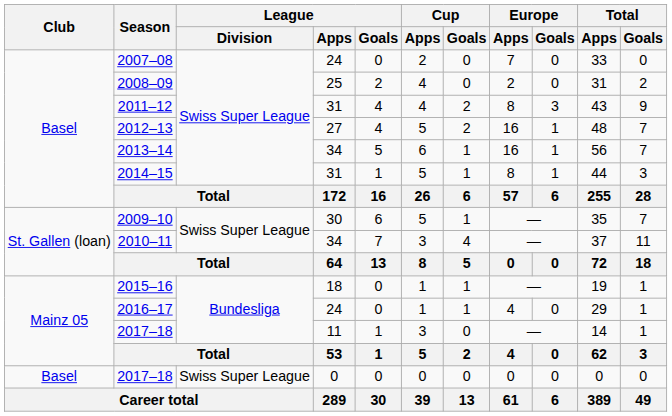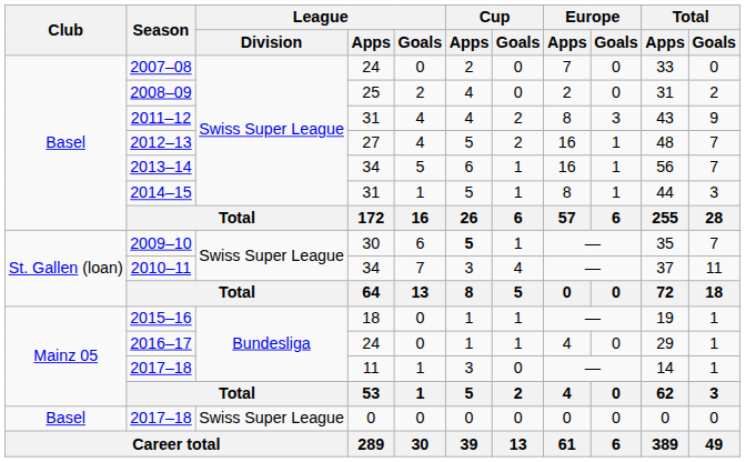 <table class="wikitable" style="text-align: center">
 <tr>
 <th rowspan="2">Club</th>
 <th rowspan="2">Season</th>
 <th colspan="3">League</th>
 <th colspan="2">Cup</th>
 <th colspan="2">Europe</th>
 <th colspan="2">Total</th>
 </tr>
 <tr>
 <th>Division</th>
 <th>Apps</th>
 <th>Goals</th>
 <th>Apps</th>
 <th>Goals</th>
 <th>Apps</th>
 <th>Goals</th>
 <th>Apps</th>
 <th>Goals</th>
 </tr>
 <tr>
 <td rowspan="7"><a href='#'>Basel</a></td>
 <td><a href='#'>2007–08</a></td>
 <td rowspan="6"><a href='#'>Swiss Super League</a></td>
 <td>24</td>
 <td>0</td>
 <td>2</td>
 <td>0</td>
 <td>7</td>
 <td>0</td>
 <td>33</td>
 <td>0</td>
 </tr>
 <tr>
 <td><a href='#'>2008–09</a></td>
 <td>25</td>
 <td>2</td>
 <td>4</td>
 <td>0</td>
 <td>2</td>
 <td>0</td>
 <td>31</td>
 <td>2</td>
 </tr>
 <tr>
 <td><a href='#'>2011–12</a></td>
 <td>31</td>
 <td>4</td>
 <td>4</td>
 <td>2</td>
 <td>8</td>
 <td>3</td>
 <td>43</td>
 <td>9</td>
 </tr>
 <tr>
 <td><a href='#'>2012–13</a></td>
 <td>27</td>
 <td>4</td>
 <td>5</td>
 <td>2</td>
 <td>16</td>
 <td>1</td>
 <td>48</td>
 <td>7</td>
 </tr>
 <tr>
 <td><a href='#'>2013–14</a></td>
 <td>34</td>
 <td>5</td>
 <td>6</td>
 <td>1</td>
 <td>16</td>
 <td>1</td>
 <td>56</td>
 <td>7</td>
 </tr>
 <tr>
 <td><a href='#'>2014–15</a></td>
 <td>31</td>
 <td>1</td>
 <td>5</td>
 <td>1</td>
 <td>8</td>
 <td>1</td>
 <td>44</td>
 <td>3</td>
 </tr>
 <tr>
 <th colspan="2">Total</th>
 <th>172</th>
 <th>16</th>
 <th>26</th>
 <th>6</th>
 <th>57</th>
 <th>6</th>
 <th>255</th>
 <th>28</th>
 </tr>
 <tr>
 <td rowspan="3"><a href='#'>St. Gallen</a> (loan)</td>
 <td><a href='#'>2009–10</a></td>
 <td rowspan="2">Swiss Super League</td>
 <td>30</td>
 <td>6</td>
-<td>5</td>
+<td><strong>5</strong></td>
 <td>1</td>
 <td colspan="2">—</td>
 <td>35</td>
 <td>7</td>
 </tr>
 <tr>
 <td><a href='#'>2010–11</a></td>
 <td>34</td>
 <td>7</td>
 <td>3</td>
 <td>4</td>
 <td colspan="2">—</td>
 <td>37</td>
 <td>11</td>
 </tr>
 <tr>
 <th colspan="2">Total</th>
 <th>64</th>
 <th>13</th>
 <th>8</th>
 <th>5</th>
 <th>0</th>
 <th>0</th>
 <th>72</th>
 <th>18</th>
 </tr>
 <tr>
 <td rowspan="4"><a href='#'>Mainz 05</a></td>
 <td><a href='#'>2015–16</a></td>
 <td rowspan="3"><a href='#'>Bundesliga</a></td>
 <td>18</td>
 <td>0</td>
 <td>1</td>
 <td>1</td>
 <td colspan="2">—</td>
 <td>19</td>
 <td>1</td>
 </tr>
 <tr>
 <td><a href='#'>2016–17</a></td>
 <td>24</td>
 <td>0</td>
 <td>1</td>
 <td>1</td>
 <td>4</td>
 <td>0</td>
 <td>29</td>
 <td>1</td>
 </tr>
 <tr>
 <td><a href='#'>2017–18</a></td>
 <td>11</td>
 <td>1</td>
 <td>3</td>
 <td>0</td>
 <td colspan="2">—</td>
 <td>14</td>
 <td>1</td>
 </tr>
 <tr>
 <th colspan="2">Total</th>
 <th>53</th>
 <th>1</th>
 <th>5</th>
 <th>2</th>
 <th>4</th>
 <th>0</th>
 <th>62</th>
 <th>3</th>
 </tr>
 <tr>
 <td><a href='#'>Basel</a></td>
 <td><a href='#'>2017–18</a></td>
 <td>Swiss Super League</td>
 <td>0</td>
 <td>0</td>
 <td>0</td>
 <td>0</td>
 <td>0</td>
 <td>0</td>
 <td>0</td>
 <td>0</td>
 </tr>
 <tr>
 <th colspan="3">Career total</th>
 <th>289</th>
 <th>30</th>
 <th>39</th>
 <th>13</th>
 <th>61</th>
 <th>6</th>
 <th>389</th>
 <th>49</th>
 </tr>
 </table>
